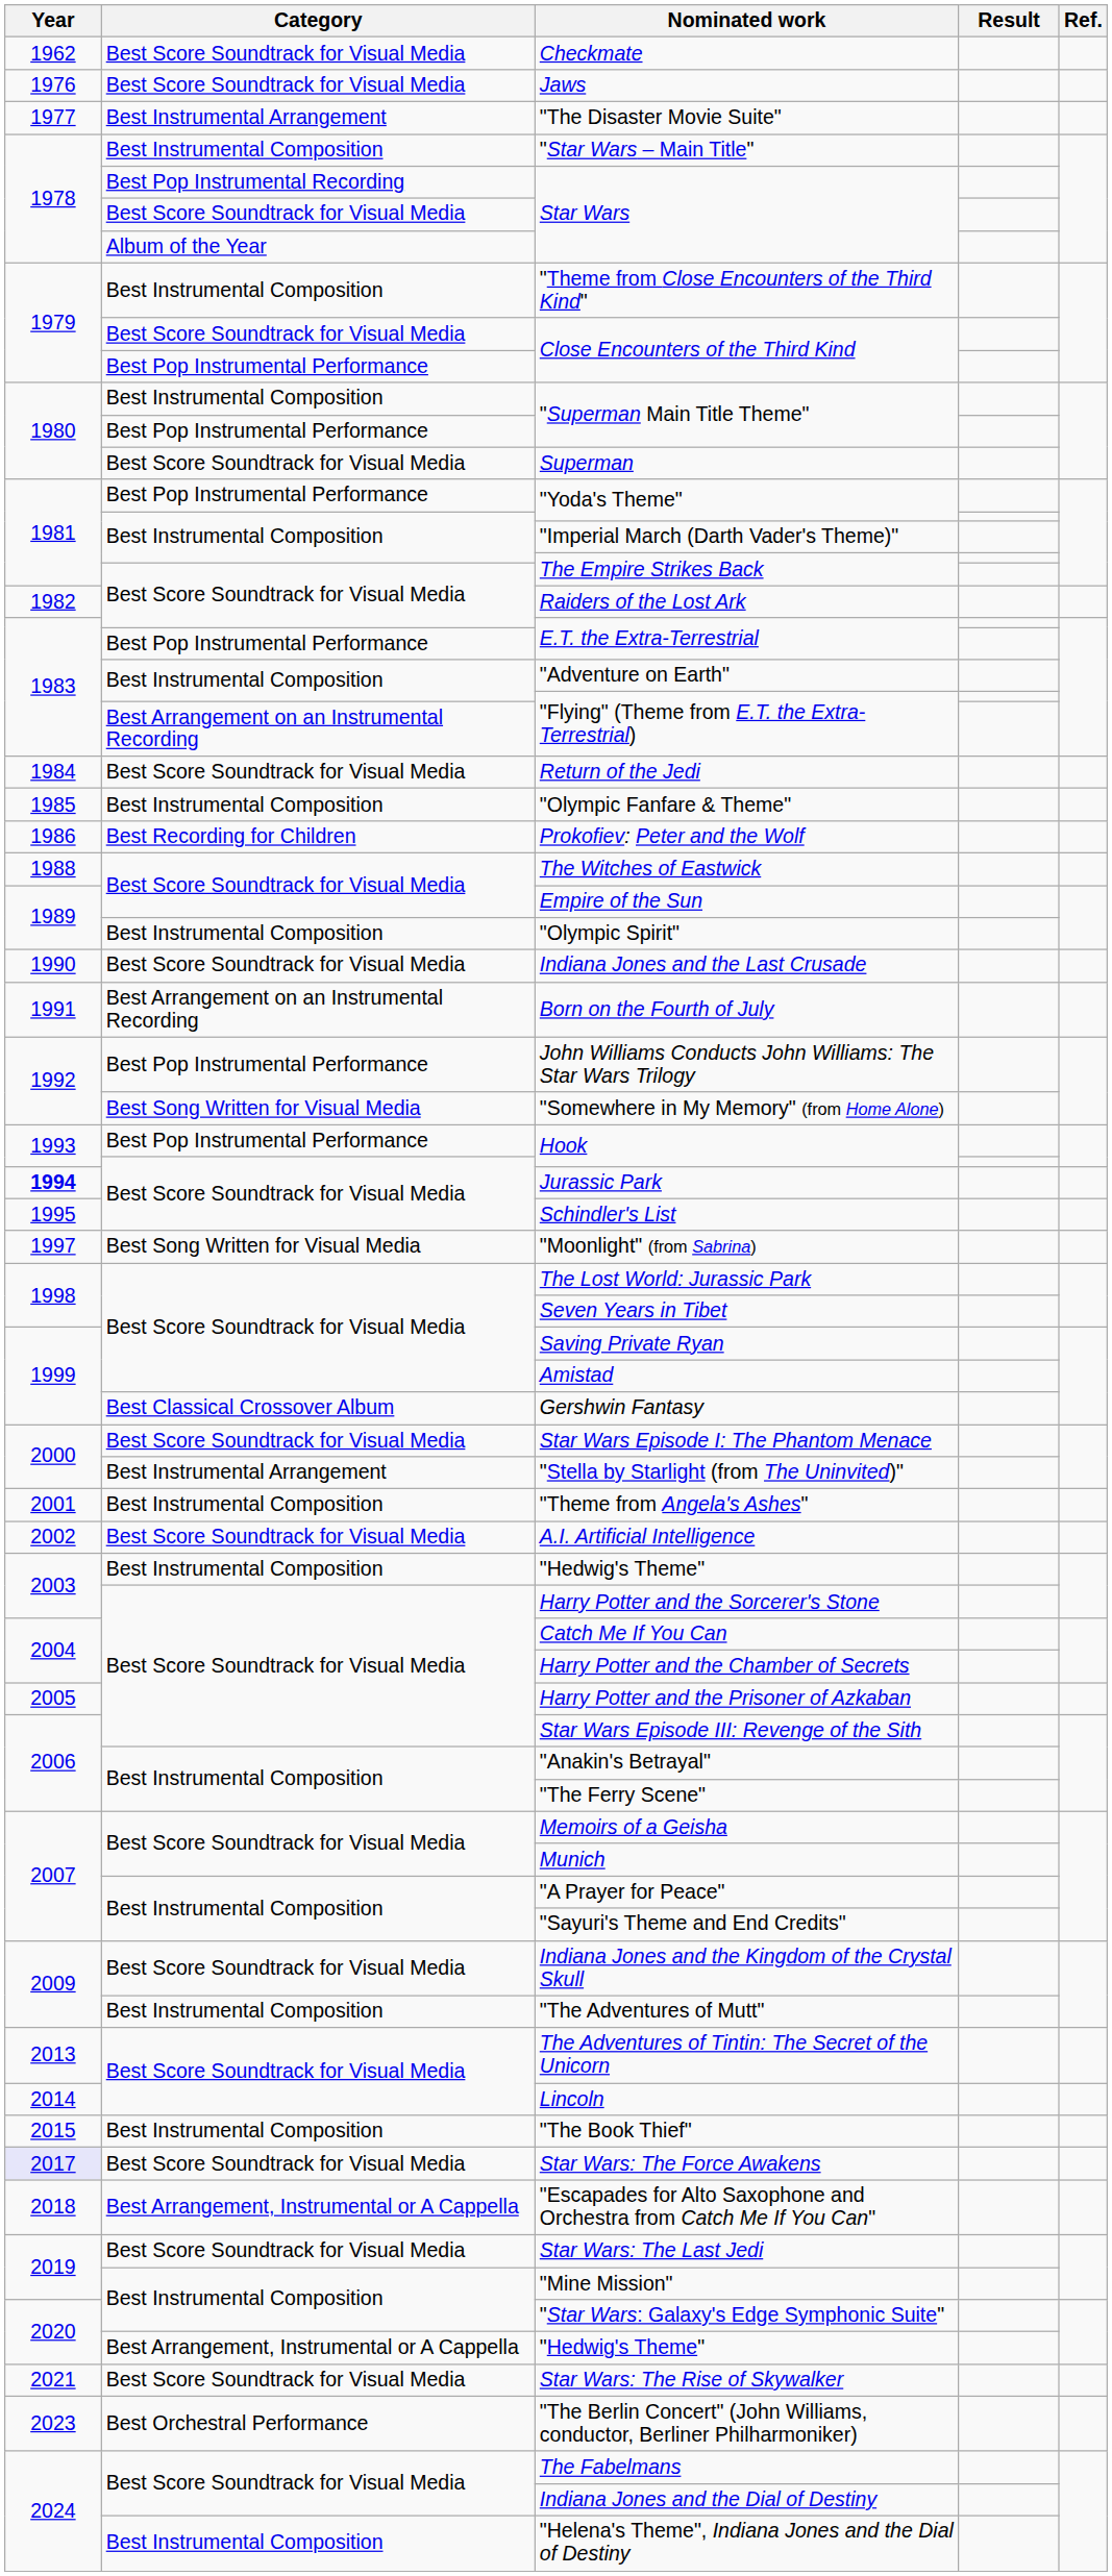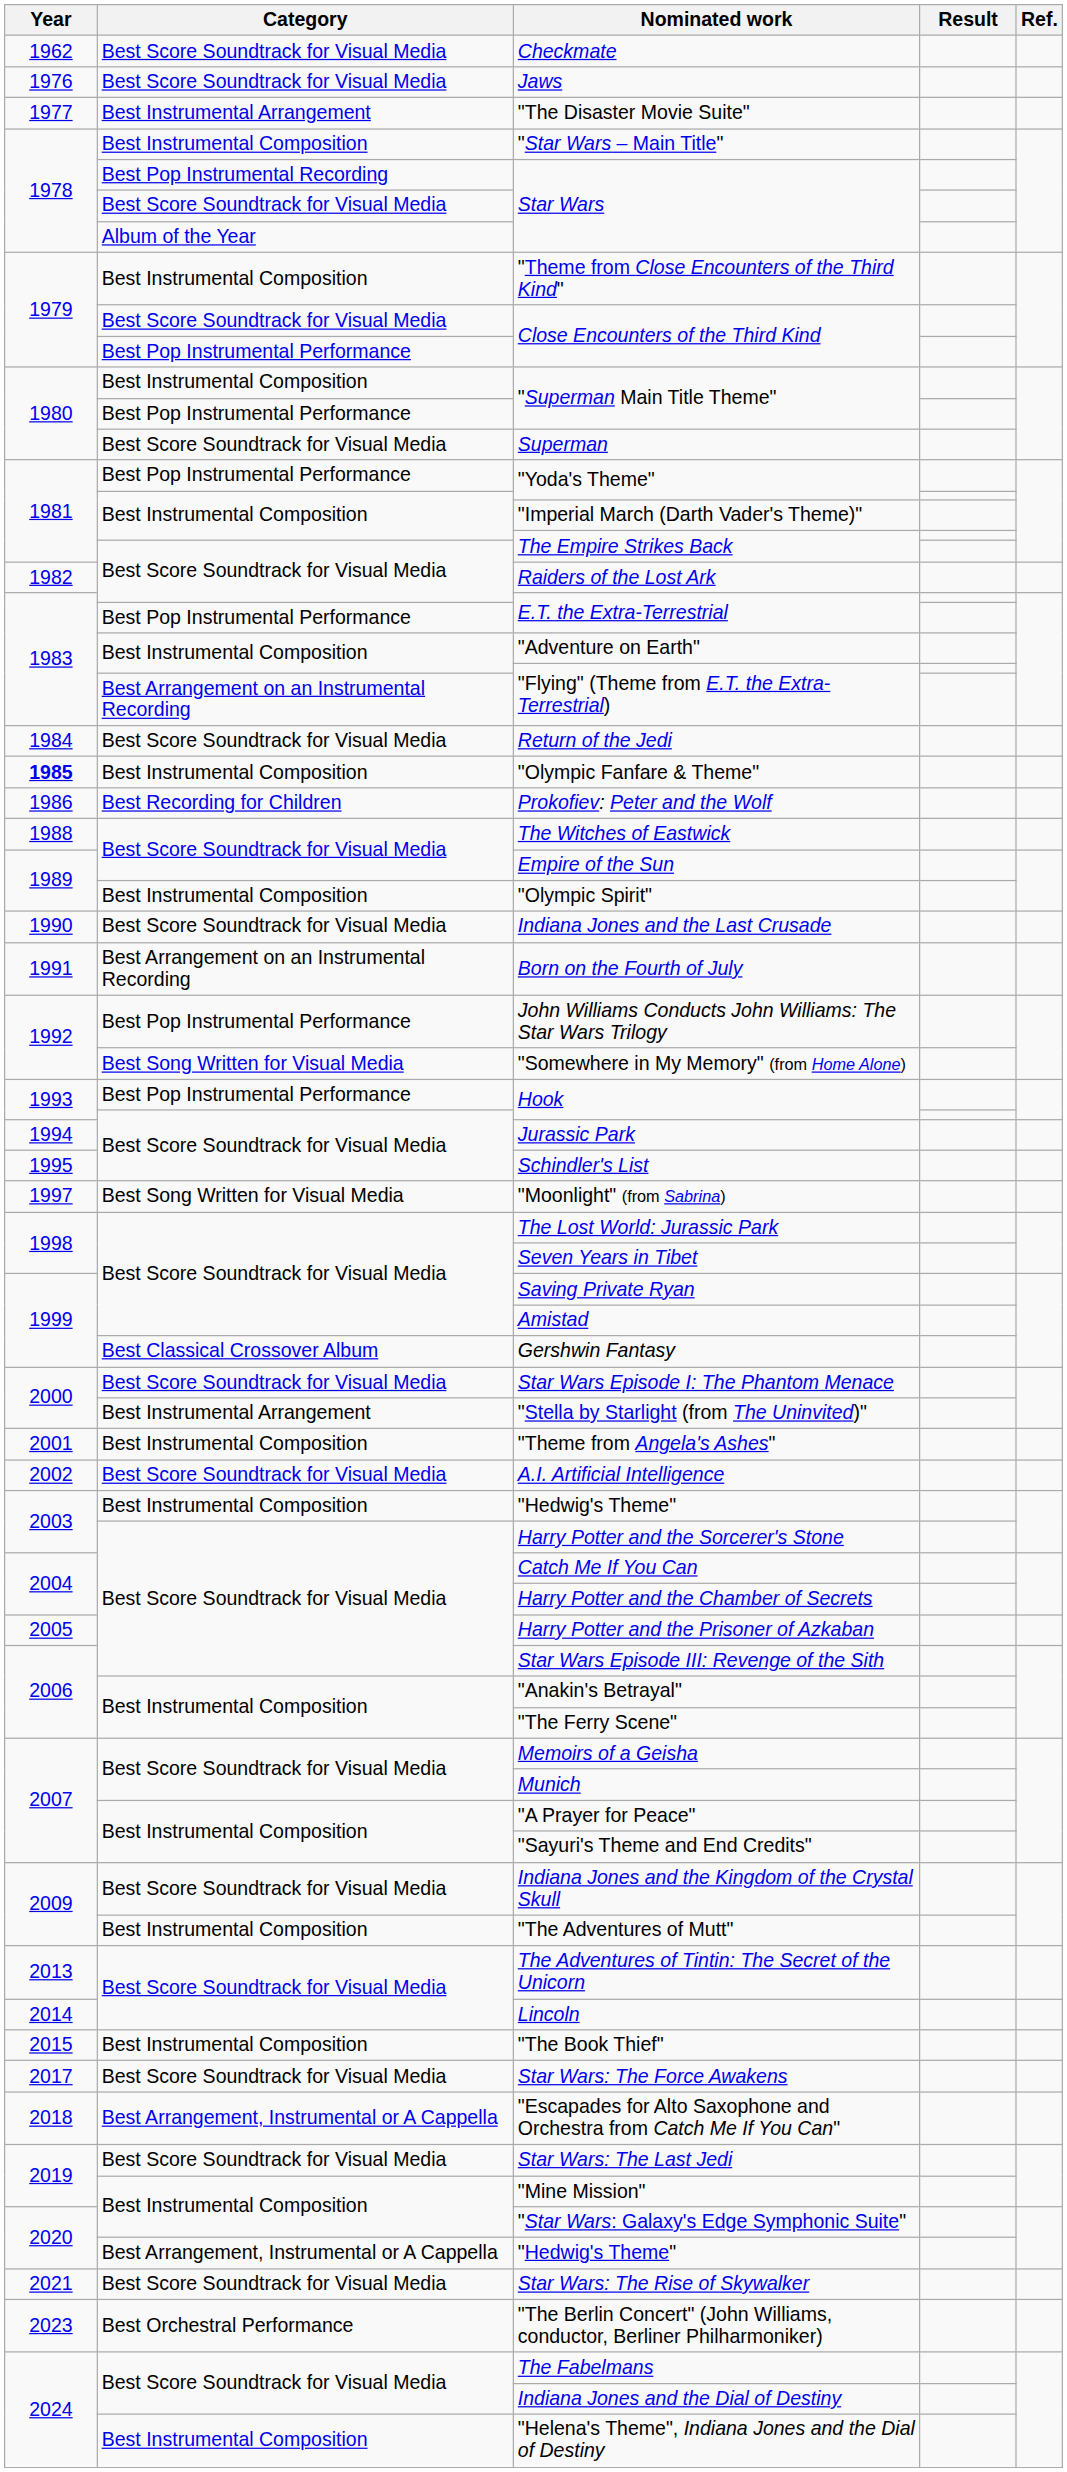 <table class=wikitable>
 <tr>
 <th scope="col" style="width:5em;">Year</th>
 <th scope="col" style="width:26em;">Category</th>
 <th scope="col" style="width:25em;">Nominated work</th>
 <th scope="col" style="width:5em;">Result</th>
 <th>Ref.</th>
 </tr>
 <tr>
 <td style="text-align:center;"><a href='#'>1962</a></td>
 <td><a href='#'>Best Score Soundtrack for Visual Media</a></td>
 <td><em><a href='#'>Checkmate</a></em></td>
 <td></td>
 <td></td>
 </tr>
 <tr>
 <td style="text-align:center;"><a href='#'>1976</a></td>
 <td><a href='#'>Best Score Soundtrack for Visual Media</a></td>
 <td><em><a href='#'>Jaws</a></em></td>
 <td></td>
 <td></td>
 </tr>
 <tr>
 <td style="text-align:center;"><a href='#'>1977</a></td>
 <td><a href='#'>Best Instrumental Arrangement</a></td>
 <td>"The Disaster Movie Suite"</td>
 <td></td>
 <td></td>
 </tr>
 <tr>
 <td style="text-align:center;", rowspan="4"><a href='#'>1978</a></td>
 <td><a href='#'>Best Instrumental Composition</a></td>
 <td>"<a href='#'><em>Star Wars</em> – Main Title</a>"</td>
 <td></td>
 <td rowspan=4></td>
 </tr>
 <tr>
 <td><a href='#'>Best Pop Instrumental Recording</a></td>
 <td rowspan="3"><em><a href='#'>Star Wars</a></em></td>
 <td></td>
 </tr>
 <tr>
 <td><a href='#'>Best Score Soundtrack for Visual Media</a></td>
 <td></td>
 </tr>
 <tr>
 <td><a href='#'>Album of the Year</a></td>
 <td></td>
 </tr>
 <tr>
 <td style="text-align:center;", rowspan="3"><a href='#'>1979</a></td>
 <td>Best Instrumental Composition</td>
 <td>"<a href='#'>Theme from <em>Close Encounters of the Third Kind</em></a>"</td>
 <td></td>
 <td rowspan=3></td>
 </tr>
 <tr>
 <td><a href='#'>Best Score Soundtrack for Visual Media</a></td>
 <td rowspan="2"><em><a href='#'>Close Encounters of the Third Kind</a></em></td>
 <td></td>
 </tr>
 <tr>
 <td><a href='#'>Best Pop Instrumental Performance</a></td>
 <td></td>
 </tr>
 <tr>
 <td style="text-align:center;", rowspan="3"><a href='#'>1980</a></td>
 <td>Best Instrumental Composition</td>
 <td rowspan="2">"<em><a href='#'>Superman</a></em> Main Title Theme"</td>
 <td></td>
 <td rowspan=3></td>
 </tr>
 <tr>
 <td>Best Pop Instrumental Performance</td>
 <td></td>
 </tr>
 <tr>
 <td>Best Score Soundtrack for Visual Media</td>
 <td><em><a href='#'>Superman</a></em></td>
 <td></td>
 </tr>
 <tr>
 <td style="text-align:center;", rowspan="5"><a href='#'>1981</a></td>
 <td>Best Pop Instrumental Performance</td>
 <td rowspan="2">"Yoda's Theme"</td>
 <td></td>
 <td rowspan=5></td>
 </tr>
 <tr>
 <td rowspan="3">Best Instrumental Composition</td>
 <td></td>
 </tr>
 <tr>
 <td>"Imperial March (Darth Vader's Theme)"</td>
 <td></td>
 </tr>
 <tr>
 <td rowspan="2"><em><a href='#'>The Empire Strikes Back</a></em></td>
 <td></td>
 </tr>
 <tr>
 <td rowspan="3">Best Score Soundtrack for Visual Media</td>
 <td></td>
 </tr>
 <tr>
 <td style="text-align:center;"><a href='#'>1982</a></td>
 <td><em><a href='#'>Raiders of the Lost Ark</a></em></td>
 <td></td>
 <td></td>
 </tr>
 <tr>
 <td style="text-align:center;", rowspan="5"><a href='#'>1983</a></td>
 <td rowspan="2"><em><a href='#'>E.T. the Extra-Terrestrial</a></em></td>
 <td></td>
 <td rowspan=5></td>
 </tr>
 <tr>
 <td>Best Pop Instrumental Performance</td>
 <td></td>
 </tr>
 <tr>
 <td rowspan="2">Best Instrumental Composition</td>
 <td>"Adventure on Earth"</td>
 <td></td>
 </tr>
 <tr>
 <td rowspan="2">"Flying" (Theme from <em><a href='#'>E.T. the Extra-Terrestrial</a></em>)</td>
 <td></td>
 </tr>
 <tr>
 <td><a href='#'>Best Arrangement on an Instrumental Recording</a></td>
 <td></td>
 </tr>
 <tr>
 <td style="text-align:center;"><a href='#'>1984</a></td>
 <td>Best Score Soundtrack for Visual Media</td>
 <td><em><a href='#'>Return of the Jedi</a></em></td>
 <td></td>
 <td></td>
 </tr>
 <tr>
-<td style="text-align:center;"><a href='#'>1985</a></td>
+<td style="text-align:center;"><strong><a href='#'>1985</a></strong></td>
 <td>Best Instrumental Composition</td>
 <td>"Olympic Fanfare & Theme"</td>
 <td></td>
 <td></td>
 </tr>
 <tr>
 <td style="text-align:center;"><a href='#'>1986</a></td>
 <td><a href='#'>Best Recording for Children</a></td>
 <td><em><a href='#'>Prokofiev</a>: <a href='#'>Peter and the Wolf</a></em></td>
 <td></td>
 <td></td>
 </tr>
 <tr>
 <td style="text-align:center;"><a href='#'>1988</a></td>
 <td rowspan="2"><a href='#'>Best Score Soundtrack for Visual Media</a></td>
 <td><em><a href='#'>The Witches of Eastwick</a></em></td>
 <td></td>
 <td></td>
 </tr>
 <tr>
 <td style="text-align:center;", rowspan="2"><a href='#'>1989</a></td>
 <td><em><a href='#'>Empire of the Sun</a></em></td>
 <td></td>
 <td rowspan=2></td>
 </tr>
 <tr>
 <td>Best Instrumental Composition</td>
 <td>"Olympic Spirit"</td>
 <td></td>
 </tr>
 <tr>
 <td style="text-align:center;"><a href='#'>1990</a></td>
 <td>Best Score Soundtrack for Visual Media</td>
 <td><em><a href='#'>Indiana Jones and the Last Crusade</a></em></td>
 <td></td>
 <td></td>
 </tr>
 <tr>
 <td style="text-align:center;"><a href='#'>1991</a></td>
 <td>Best Arrangement on an Instrumental Recording</td>
 <td><em><a href='#'>Born on the Fourth of July</a></em></td>
 <td></td>
 <td></td>
 </tr>
 <tr>
 <td style="text-align:center;", rowspan="2"><a href='#'>1992</a></td>
 <td>Best Pop Instrumental Performance</td>
 <td><em>John Williams Conducts John Williams: The Star Wars Trilogy</em></td>
 <td></td>
 <td rowspan=2></td>
 </tr>
 <tr>
 <td><a href='#'>Best Song Written for Visual Media</a></td>
 <td>"Somewhere in My Memory" <small>(from <em><a href='#'>Home Alone</a></em>)</small></td>
 <td></td>
 </tr>
 <tr>
 <td style="text-align:center;", rowspan="2"><a href='#'>1993</a></td>
 <td>Best Pop Instrumental Performance</td>
 <td rowspan="2"><em><a href='#'>Hook</a></em></td>
 <td></td>
 <td rowspan=2></td>
 </tr>
 <tr>
 <td rowspan="3">Best Score Soundtrack for Visual Media</td>
 <td></td>
 </tr>
 <tr>
-<td style="text-align:center;"><strong><a href='#'>1994</a></strong></td>
+<td style="text-align:center;"><a href='#'>1994</a></td>
 <td><em><a href='#'>Jurassic Park</a></em></td>
 <td></td>
 <td></td>
 </tr>
 <tr>
 <td style="text-align:center;"><a href='#'>1995</a></td>
 <td><em><a href='#'>Schindler's List</a></em></td>
 <td></td>
 <td></td>
 </tr>
 <tr>
 <td style="text-align:center;"><a href='#'>1997</a></td>
 <td>Best Song Written for Visual Media</td>
 <td>"Moonlight" <small>(from <em><a href='#'>Sabrina</a></em>)</small></td>
 <td></td>
 <td></td>
 </tr>
 <tr>
 <td style="text-align:center;", rowspan="2"><a href='#'>1998</a></td>
 <td rowspan="4">Best Score Soundtrack for Visual Media</td>
 <td><em><a href='#'>The Lost World: Jurassic Park</a></em></td>
 <td></td>
 <td rowspan=2></td>
 </tr>
 <tr>
 <td><em><a href='#'>Seven Years in Tibet</a></em></td>
 <td></td>
 </tr>
 <tr>
 <td style="text-align:center;", rowspan="3"><a href='#'>1999</a></td>
 <td><em><a href='#'>Saving Private Ryan</a></em></td>
 <td></td>
 <td rowspan=3></td>
 </tr>
 <tr>
 <td><em><a href='#'>Amistad</a></em></td>
 <td></td>
 </tr>
 <tr>
 <td><a href='#'>Best Classical Crossover Album</a></td>
 <td><em>Gershwin Fantasy</em></td>
 <td></td>
 </tr>
 <tr>
 <td style="text-align:center;", rowspan="2"><a href='#'>2000</a></td>
 <td><a href='#'>Best Score Soundtrack for Visual Media</a></td>
 <td><em><a href='#'>Star Wars Episode I: The Phantom Menace</a></em></td>
 <td></td>
 <td rowspan=2></td>
 </tr>
 <tr>
 <td>Best Instrumental Arrangement</td>
 <td>"<a href='#'>Stella by Starlight</a> (from <em><a href='#'>The Uninvited</a></em>)"</td>
 <td></td>
 </tr>
 <tr>
 <td style="text-align:center;"><a href='#'>2001</a></td>
 <td>Best Instrumental Composition</td>
 <td>"Theme from <em><a href='#'>Angela's Ashes</a></em>"</td>
 <td></td>
 <td></td>
 </tr>
 <tr>
 <td style="text-align:center;"><a href='#'>2002</a></td>
 <td><a href='#'>Best Score Soundtrack for Visual Media</a></td>
 <td><em><a href='#'>A.I. Artificial Intelligence</a></em></td>
 <td></td>
 <td></td>
 </tr>
 <tr>
 <td style="text-align:center;", rowspan="2"><a href='#'>2003</a></td>
 <td>Best Instrumental Composition</td>
 <td>"Hedwig's Theme"</td>
 <td></td>
 <td rowspan=2></td>
 </tr>
 <tr>
 <td rowspan="5">Best Score Soundtrack for Visual Media</td>
 <td><em><a href='#'>Harry Potter and the Sorcerer's Stone</a></em></td>
 <td></td>
 </tr>
 <tr>
 <td style="text-align:center;", rowspan="2"><a href='#'>2004</a></td>
 <td><em><a href='#'>Catch Me If You Can</a></em></td>
 <td></td>
 <td rowspan=2></td>
 </tr>
 <tr>
 <td><em><a href='#'>Harry Potter and the Chamber of Secrets</a></em></td>
 <td></td>
 </tr>
 <tr>
 <td style="text-align:center;"><a href='#'>2005</a></td>
 <td><em><a href='#'>Harry Potter and the Prisoner of Azkaban</a></em></td>
 <td></td>
 <td></td>
 </tr>
 <tr>
 <td style="text-align:center;", rowspan="3"><a href='#'>2006</a></td>
 <td><em><a href='#'>Star Wars Episode III: Revenge of the Sith</a></em></td>
 <td></td>
 <td rowspan=3></td>
 </tr>
 <tr>
 <td rowspan="2">Best Instrumental Composition</td>
 <td>"Anakin's Betrayal"</td>
 <td></td>
 </tr>
 <tr>
 <td>"The Ferry Scene"</td>
 <td></td>
 </tr>
 <tr>
 <td style="text-align:center;", rowspan="4"><a href='#'>2007</a></td>
 <td rowspan="2">Best Score Soundtrack for Visual Media</td>
 <td><em><a href='#'>Memoirs of a Geisha</a></em></td>
 <td></td>
 <td rowspan=4></td>
 </tr>
 <tr>
 <td><em><a href='#'>Munich</a></em></td>
 <td></td>
 </tr>
 <tr>
 <td rowspan="2">Best Instrumental Composition</td>
 <td>"A Prayer for Peace"</td>
 <td></td>
 </tr>
 <tr>
 <td>"Sayuri's Theme and End Credits"</td>
 <td></td>
 </tr>
 <tr>
 <td style="text-align:center;", rowspan="2"><a href='#'>2009</a></td>
 <td>Best Score Soundtrack for Visual Media</td>
 <td><em><a href='#'>Indiana Jones and the Kingdom of the Crystal Skull</a></em></td>
 <td></td>
 <td rowspan=2></td>
 </tr>
 <tr>
 <td>Best Instrumental Composition</td>
 <td>"The Adventures of Mutt"</td>
 <td></td>
 </tr>
 <tr>
 <td style="text-align:center;"><a href='#'>2013</a></td>
 <td rowspan="2"><a href='#'>Best Score Soundtrack for Visual Media</a></td>
 <td><em><a href='#'>The Adventures of Tintin: The Secret of the Unicorn</a></em></td>
 <td></td>
 <td></td>
 </tr>
 <tr>
 <td style="text-align:center;"><a href='#'>2014</a></td>
 <td><em><a href='#'>Lincoln</a></em></td>
 <td></td>
 <td></td>
 </tr>
 <tr>
 <td style="text-align:center;"><a href='#'>2015</a></td>
 <td>Best Instrumental Composition</td>
 <td>"The Book Thief"</td>
 <td></td>
 <td></td>
 </tr>
 <tr>
-<td style="background: lavender; text-align:center;"><a href='#'>2017</a></td>
+<td style="text-align:center;"><a href='#'>2017</a></td>
 <td>Best Score Soundtrack for Visual Media</td>
 <td><em><a href='#'>Star Wars: The Force Awakens</a></em></td>
 <td></td>
 <td></td>
 </tr>
 <tr>
 <td style="text-align:center;"><a href='#'>2018</a></td>
 <td><a href='#'>Best Arrangement, Instrumental or A Cappella</a></td>
 <td>"Escapades for Alto Saxophone and Orchestra from <em>Catch Me If You Can</em>"</td>
 <td></td>
 <td></td>
 </tr>
 <tr>
 <td style="text-align:center;", rowspan="2"><a href='#'>2019</a></td>
 <td>Best Score Soundtrack for Visual Media</td>
 <td><em><a href='#'>Star Wars: The Last Jedi</a></em></td>
 <td></td>
 <td rowspan=2></td>
 </tr>
 <tr>
 <td rowspan="2">Best Instrumental Composition</td>
 <td>"Mine Mission"</td>
 <td></td>
 </tr>
 <tr>
 <td style="text-align:center;", rowspan="2"><a href='#'>2020</a></td>
 <td>"<a href='#'><em>Star Wars</em>: Galaxy's Edge Symphonic Suite</a>"</td>
 <td></td>
 <td rowspan=2></td>
 </tr>
 <tr>
 <td>Best Arrangement, Instrumental or A Cappella</td>
 <td>"<a href='#'>Hedwig's Theme</a>"</td>
 <td></td>
 </tr>
 <tr>
 <td style="text-align:center;"><a href='#'>2021</a></td>
 <td>Best Score Soundtrack for Visual Media</td>
 <td><em><a href='#'>Star Wars: The Rise of Skywalker</a></em></td>
 <td></td>
 <td></td>
 </tr>
 <tr>
 <td style="text-align:center;"><a href='#'>2023</a></td>
 <td>Best Orchestral Performance</td>
 <td>"The Berlin Concert" (John Williams, conductor, Berliner Philharmoniker)</td>
 <td></td>
 <td></td>
 </tr>
 <tr>
 <td style="text-align:center;", rowspan="3"><a href='#'>2024</a></td>
 <td rowspan=2>Best Score Soundtrack for Visual Media</td>
 <td><em><a href='#'>The Fabelmans</a></em></td>
 <td></td>
 <td rowspan=3></td>
 </tr>
 <tr>
 <td><em><a href='#'>Indiana Jones and the Dial of Destiny</a></em></td>
 <td></td>
 </tr>
 <tr>
 <td><a href='#'>Best Instrumental Composition</a></td>
 <td>"Helena's Theme", <em>Indiana Jones and the Dial of Destiny</em></td>
 <td></td>
 </tr>
 <tr>
 </tr>
 </table>
